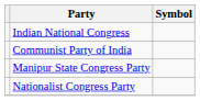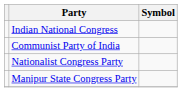 <table class="wikitable sortable">
 <tr>
 <th></th>
 <th>Party</th>
 <th>Symbol</th>
 </tr>
 <tr>
 <td style="background-color:"></td>
 <td><a href='#'>Indian National Congress</a></td>
 <td></td>
 </tr>
 <tr>
 <td style="background-color:"></td>
 <td><a href='#'>Communist Party of India</a></td>
 <td></td>
 </tr>
 <tr>
 <td style="background-color:"></td>
-<td><a href='#'>Manipur State Congress Party</a></td>
+<td><a href='#'>Nationalist Congress Party</a></td>
 <td></td>
 </tr>
 <tr>
 <td style="background-color:"></td>
-<td><a href='#'>Nationalist Congress Party</a></td>
+<td><a href='#'>Manipur State Congress Party</a></td>
 <td></td>
 </tr>
 <tr>
 </tr>
 </table>
